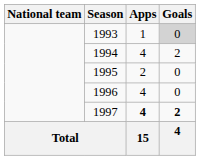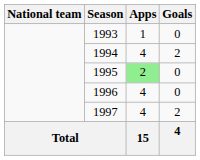 <table class="wikitable" style="text-align:center">
 <tr>
 <th>National team</th>
 <th>Season</th>
 <th>Apps</th>
 <th>Goals</th>
 </tr>
 <tr>
 <td rowspan=5 valign="center"></td>
 <td>1993</td>
 <td>1</td>
-<td style="background: lightgrey;">0</td>
+<td>0</td>
 </tr>
 <tr>
 <td>1994</td>
 <td>4</td>
 <td>2</td>
 </tr>
 <tr>
 <td>1995</td>
-<td>2</td>
+<td style="background: lightgreen;">2</td>
 <td>0</td>
 </tr>
 <tr>
 <td>1996</td>
 <td>4</td>
 <td>0</td>
 </tr>
 <tr>
 <td>1997</td>
-<td><strong>4</strong></td>
-<td><strong>2</strong></td>
+<td>4</td>
+<td>2</td>
 </tr>
 <tr>
 <th colspan=2>Total</th>
 <th>15</th>
 <th>4<br><br>    </th>
 </tr>
 </table>
